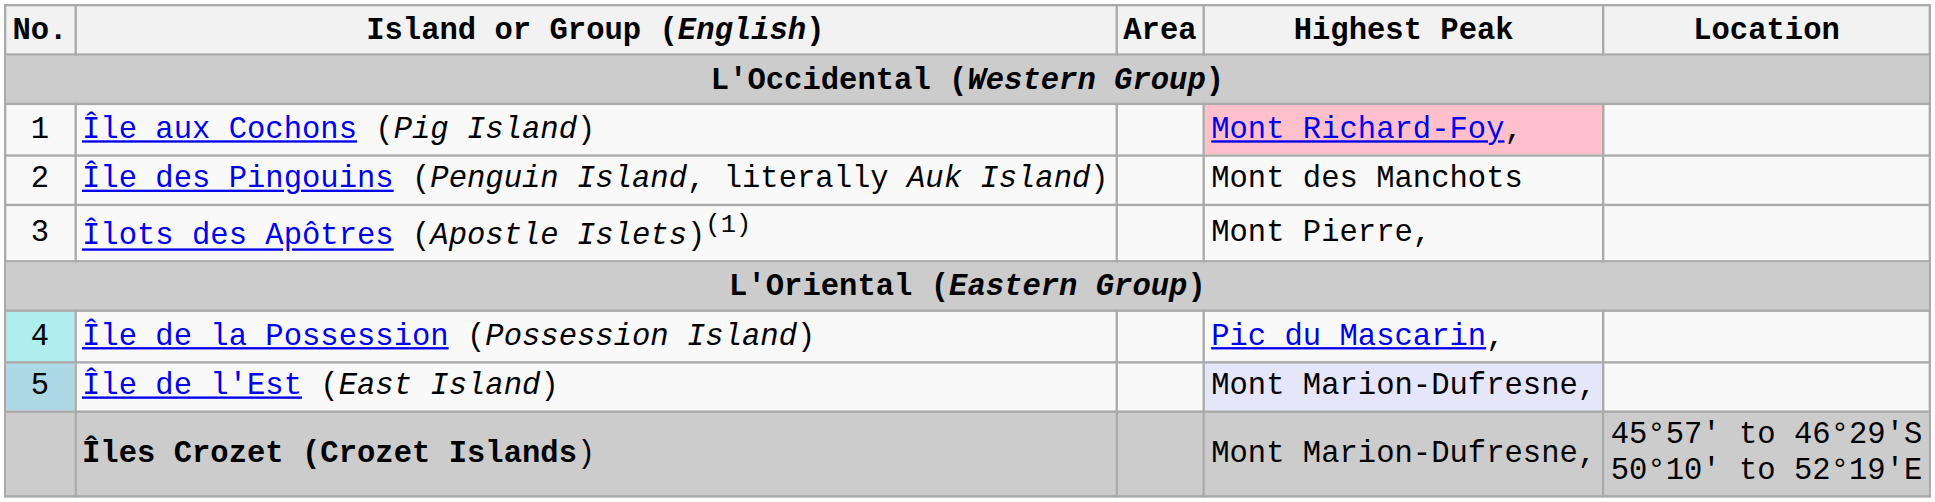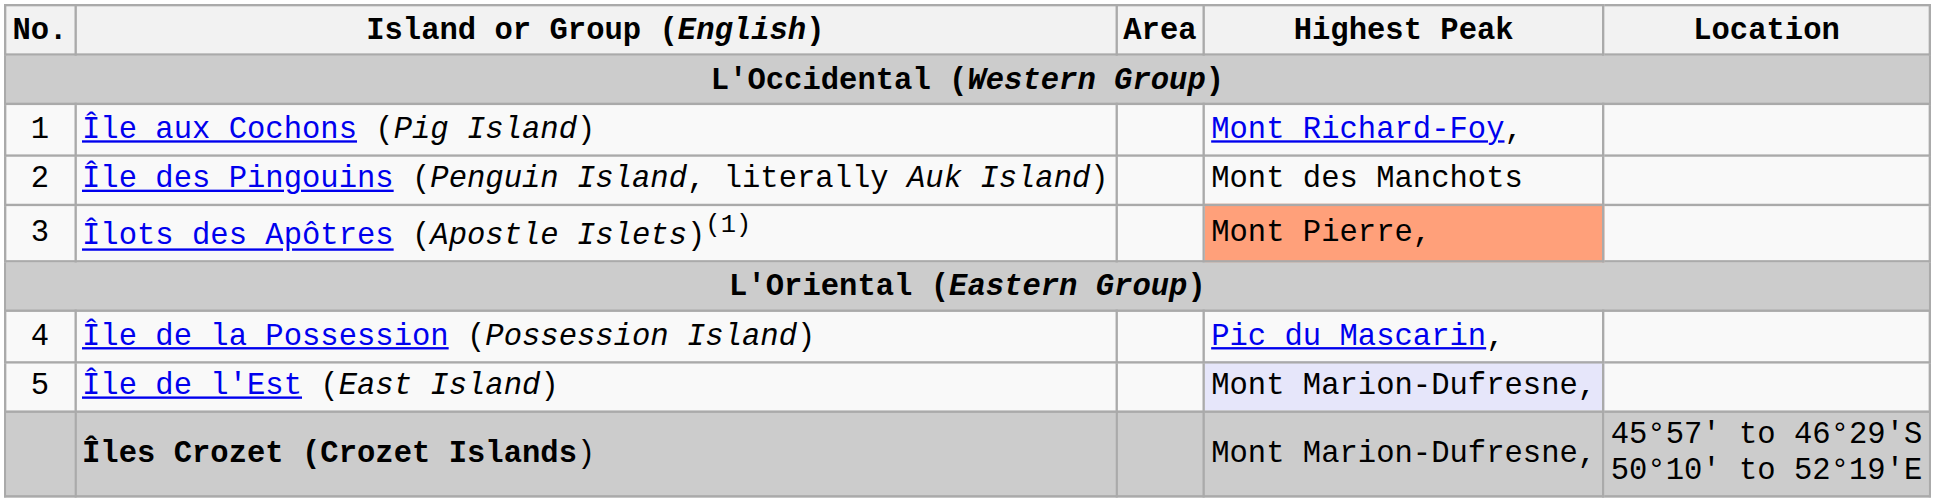 <table class="wikitable">
 <tr>
 <th>No.</th>
 <th>Island or Group (<em>English</em>)</th>
 <th>Area</th>
 <th>Highest Peak</th>
 <th>Location</th>
 </tr>
 <tr>
 <td colspan="5" style="text-align:center; background:#ccc;"><strong>L'Occidental (<em>Western Group</em>)</strong></td>
 </tr>
 <tr>
 <td style="text-align:center;">1</td>
 <td><a href='#'>Île aux Cochons</a> (<em>Pig Island</em>)</td>
 <td style="text-align:center;"></td>
-<td style="background: pink;"><a href='#'>Mont Richard-Foy</a>, </td>
+<td><a href='#'>Mont Richard-Foy</a>, </td>
 <td></td>
 </tr>
 <tr>
 <td style="text-align:center;">2</td>
 <td><a href='#'>Île des Pingouins</a> (<em>Penguin Island</em>, literally <em>Auk Island</em>)</td>
 <td style="text-align:center;"></td>
 <td>Mont des Manchots </td>
 <td></td>
 </tr>
 <tr>
 <td style="text-align:center;">3</td>
 <td><a href='#'>Îlots des Apôtres</a> (<em>Apostle Islets</em>)<sup>(1)</sup></td>
 <td style="text-align:center;"></td>
-<td>Mont Pierre, </td>
+<td style="background: lightsalmon;">Mont Pierre, </td>
 <td></td>
 </tr>
 <tr>
 <td colspan="5" style="text-align:center; background:#ccc;"><strong>L'Oriental (<em>Eastern Group</em>)</strong></td>
 </tr>
 <tr>
-<td style="background: paleturquoise; text-align:center;">4</td>
+<td style="text-align:center;">4</td>
 <td><a href='#'>Île de la Possession</a> (<em>Possession Island</em>)</td>
 <td style="text-align:center;"></td>
 <td><a href='#'>Pic du Mascarin</a>, </td>
 <td></td>
 </tr>
 <tr>
-<td style="background: lightblue; text-align:center;">5</td>
+<td style="text-align:center;">5</td>
 <td><a href='#'>Île de l'Est</a> (<em>East Island</em>)</td>
 <td style="text-align:center;"></td>
 <td style="background: lavender;">Mont Marion-Dufresne, </td>
 <td></td>
 </tr>
 <tr style="background:#ccc;">
 <td> </td>
 <td><strong>Îles Crozet (Crozet Islands</strong>)</td>
 <td style="text-align:center;"></td>
 <td>Mont Marion-Dufresne, </td>
 <td>45°57' to 46°29'S<br>50°10' to 52°19'E</td>
 </tr>
 </table>
